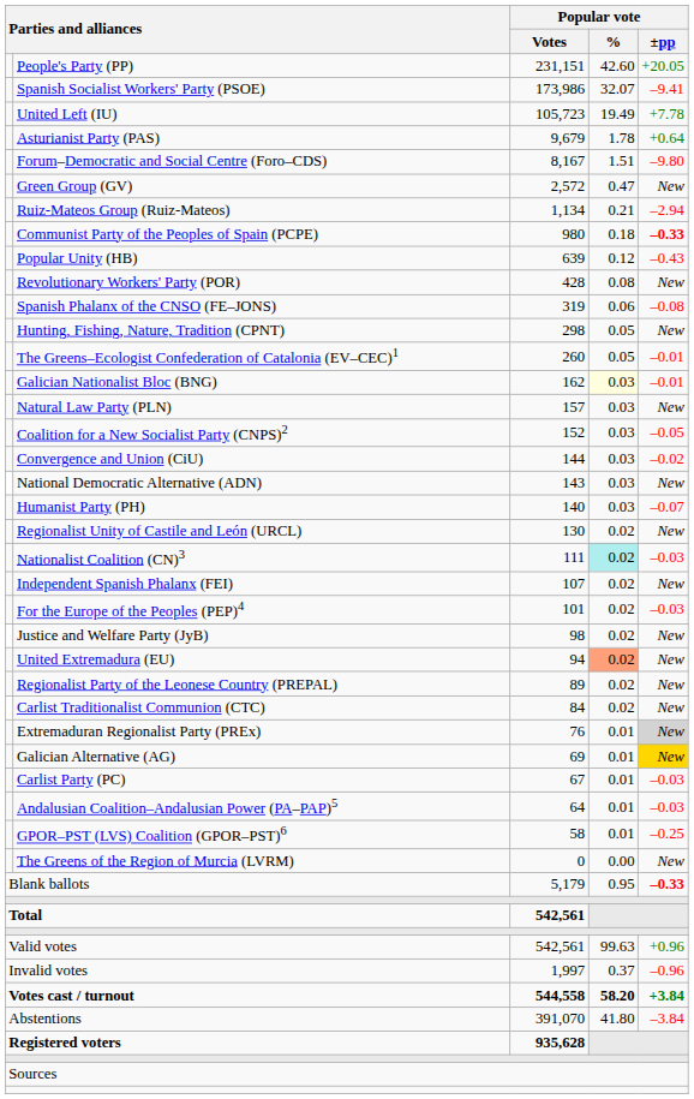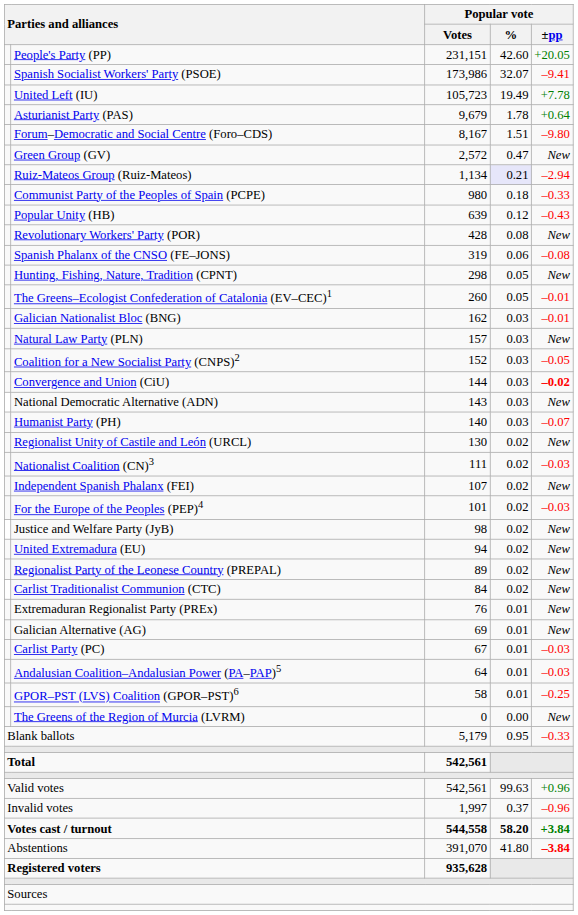 <table class="wikitable" style="text-align:right">
 <tr>
 <th style="text-align:left;" rowspan="2" colspan="2" width="525">Parties and alliances</th>
 <th colspan="3">Popular vote</th>
 </tr>
 <tr>
 <th width="75">Votes</th>
 <th width="45">%</th>
 <th width="45">±<a href='#'>pp</a></th>
 </tr>
 <tr>
 <td width="1" style="color:inherit;background:"></td>
 <td align="left"><a href='#'>People's Party</a> (PP)</td>
 <td>231,151</td>
 <td>42.60</td>
 <td style="color:green;">+20.05</td>
 </tr>
 <tr>
 <td style="color:inherit;background:"></td>
 <td align="left"><a href='#'>Spanish Socialist Workers' Party</a> (PSOE)</td>
 <td>173,986</td>
 <td>32.07</td>
 <td style="color:red;">–9.41</td>
 </tr>
 <tr>
 <td style="color:inherit;background:"></td>
 <td align="left"><a href='#'>United Left</a> (IU)</td>
 <td>105,723</td>
 <td>19.49</td>
 <td style="color:green;">+7.78</td>
 </tr>
 <tr>
 <td style="color:inherit;background:"></td>
 <td align="left"><a href='#'>Asturianist Party</a> (PAS)</td>
 <td>9,679</td>
 <td>1.78</td>
 <td style="color:green;">+0.64</td>
 </tr>
 <tr>
 <td style="color:inherit;background:"></td>
 <td align="left"><a href='#'>Forum</a>–<a href='#'>Democratic and Social Centre</a> (Foro–CDS)</td>
 <td>8,167</td>
 <td>1.51</td>
 <td style="color:red;">–9.80</td>
 </tr>
 <tr>
 <td style="color:inherit;background:"></td>
 <td align="left"><a href='#'>Green Group</a> (GV)</td>
 <td>2,572</td>
 <td>0.47</td>
 <td><em>New</em></td>
 </tr>
 <tr>
 <td style="color:inherit;background:"></td>
 <td align="left"><a href='#'>Ruiz-Mateos Group</a> (Ruiz-Mateos)</td>
 <td>1,134</td>
-<td>0.21</td>
+<td style="background: lavender;">0.21</td>
 <td style="color:red;">–2.94</td>
 </tr>
 <tr>
 <td style="color:inherit;background:"></td>
 <td align="left"><a href='#'>Communist Party of the Peoples of Spain</a> (PCPE)</td>
 <td>980</td>
 <td>0.18</td>
-<td style="color:red;"><strong>–0.33</strong></td>
+<td style="color:red;">–0.33</td>
 </tr>
 <tr>
 <td style="color:inherit;background:"></td>
 <td align="left"><a href='#'>Popular Unity</a> (HB)</td>
 <td>639</td>
 <td>0.12</td>
 <td style="color:red;">–0.43</td>
 </tr>
 <tr>
 <td style="color:inherit;background:"></td>
 <td align="left"><a href='#'>Revolutionary Workers' Party</a> (POR)</td>
 <td>428</td>
 <td>0.08</td>
 <td><em>New</em></td>
 </tr>
 <tr>
 <td style="color:inherit;background:"></td>
 <td align="left"><a href='#'>Spanish Phalanx of the CNSO</a> (FE–JONS)</td>
 <td>319</td>
 <td>0.06</td>
 <td style="color:red;">–0.08</td>
 </tr>
 <tr>
 <td style="color:inherit;background:"></td>
 <td align="left"><a href='#'>Hunting, Fishing, Nature, Tradition</a> (CPNT)</td>
 <td>298</td>
 <td>0.05</td>
 <td><em>New</em></td>
 </tr>
 <tr>
 <td style="color:inherit;background:"></td>
 <td align="left"><a href='#'>The Greens–Ecologist Confederation of Catalonia</a> (EV–CEC)<sup>1</sup></td>
 <td>260</td>
 <td>0.05</td>
 <td style="color:red;">–0.01</td>
 </tr>
 <tr>
 <td style="color:inherit;background:"></td>
 <td align="left"><a href='#'>Galician Nationalist Bloc</a> (BNG)</td>
 <td>162</td>
-<td style="background: lightyellow;">0.03</td>
+<td>0.03</td>
 <td style="color:red;">–0.01</td>
 </tr>
 <tr>
 <td style="color:inherit;background:"></td>
 <td align="left"><a href='#'>Natural Law Party</a> (PLN)</td>
 <td>157</td>
 <td>0.03</td>
 <td><em>New</em></td>
 </tr>
 <tr>
 <td style="color:inherit;background:"></td>
 <td align="left"><a href='#'>Coalition for a New Socialist Party</a> (CNPS)<sup>2</sup></td>
 <td>152</td>
 <td>0.03</td>
 <td style="color:red;">–0.05</td>
 </tr>
 <tr>
 <td style="color:inherit;background:"></td>
 <td align="left"><a href='#'>Convergence and Union</a> (CiU)</td>
 <td>144</td>
 <td>0.03</td>
-<td style="color:red;">–0.02</td>
+<td style="color:red;"><strong>–0.02</strong></td>
 </tr>
 <tr>
 <td bgcolor="white"></td>
 <td align="left">National Democratic Alternative (ADN)</td>
 <td>143</td>
 <td>0.03</td>
 <td><em>New</em></td>
 </tr>
 <tr>
 <td style="color:inherit;background:"></td>
 <td align="left"><a href='#'>Humanist Party</a> (PH)</td>
 <td>140</td>
 <td>0.03</td>
 <td style="color:red;">–0.07</td>
 </tr>
 <tr>
 <td style="color:inherit;background:"></td>
 <td align="left"><a href='#'>Regionalist Unity of Castile and León</a> (URCL)</td>
 <td>130</td>
 <td>0.02</td>
 <td><em>New</em></td>
 </tr>
 <tr>
 <td style="color:inherit;background:"></td>
 <td align="left"><a href='#'>Nationalist Coalition</a> (CN)<sup>3</sup></td>
 <td>111</td>
-<td style="background: paleturquoise;">0.02</td>
+<td>0.02</td>
 <td style="color:red;">–0.03</td>
 </tr>
 <tr>
 <td style="color:inherit;background:"></td>
 <td align="left"><a href='#'>Independent Spanish Phalanx</a> (FEI)</td>
 <td>107</td>
 <td>0.02</td>
 <td><em>New</em></td>
 </tr>
 <tr>
 <td style="color:inherit;background:"></td>
 <td align="left"><a href='#'>For the Europe of the Peoples</a> (PEP)<sup>4</sup></td>
 <td>101</td>
 <td>0.02</td>
 <td style="color:red;">–0.03</td>
 </tr>
 <tr>
 <td bgcolor="white"></td>
 <td align="left">Justice and Welfare Party (JyB)</td>
 <td>98</td>
 <td>0.02</td>
 <td><em>New</em></td>
 </tr>
 <tr>
 <td style="color:inherit;background:"></td>
 <td align="left"><a href='#'>United Extremadura</a> (EU)</td>
 <td>94</td>
-<td style="background: lightsalmon;">0.02</td>
+<td>0.02</td>
 <td><em>New</em></td>
 </tr>
 <tr>
 <td style="color:inherit;background:"></td>
 <td align="left"><a href='#'>Regionalist Party of the Leonese Country</a> (PREPAL)</td>
 <td>89</td>
 <td>0.02</td>
 <td><em>New</em></td>
 </tr>
 <tr>
 <td bgcolor="white"></td>
 <td align="left"><a href='#'>Carlist Traditionalist Communion</a> (CTC)</td>
 <td>84</td>
 <td>0.02</td>
 <td><em>New</em></td>
 </tr>
 <tr>
 <td style="color:inherit;background:"></td>
 <td align="left">Extremaduran Regionalist Party (PREx)</td>
 <td>76</td>
 <td>0.01</td>
-<td style="background: lightgrey;"><em>New</em></td>
+<td><em>New</em></td>
 </tr>
 <tr>
 <td style="color:inherit;background:"></td>
 <td align="left">Galician Alternative (AG)</td>
 <td>69</td>
 <td>0.01</td>
-<td style="background: gold;"><em>New</em></td>
+<td><em>New</em></td>
 </tr>
 <tr>
 <td style="color:inherit;background:"></td>
 <td align="left"><a href='#'>Carlist Party</a> (PC)</td>
 <td>67</td>
 <td>0.01</td>
 <td style="color:red;">–0.03</td>
 </tr>
 <tr>
 <td style="color:inherit;background:"></td>
 <td align="left"><a href='#'>Andalusian Coalition–Andalusian Power</a> (<a href='#'>PA</a>–<a href='#'>PAP</a>)<sup>5</sup></td>
 <td>64</td>
 <td>0.01</td>
 <td style="color:red;">–0.03</td>
 </tr>
 <tr>
 <td style="color:inherit;background:"></td>
 <td align="left"><a href='#'>GPOR–PST (LVS) Coalition</a> (GPOR–PST)<sup>6</sup></td>
 <td>58</td>
 <td>0.01</td>
 <td style="color:red;">–0.25</td>
 </tr>
 <tr>
 <td style="color:inherit;background:"></td>
 <td align="left"><a href='#'>The Greens of the Region of Murcia</a> (LVRM)</td>
 <td>0</td>
 <td>0.00</td>
 <td><em>New</em></td>
 </tr>
 <tr>
 <td align="left" colspan="2">Blank ballots</td>
 <td>5,179</td>
 <td>0.95</td>
-<td style="color:red;"><strong>–0.33</strong></td>
+<td style="color:red;">–0.33</td>
 </tr>
 <tr>
 <td colspan="5" bgcolor="#E9E9E9"></td>
 </tr>
 <tr style="font-weight:bold;">
 <td align="left" colspan="2">Total</td>
 <td>542,561</td>
 <td bgcolor="#E9E9E9" colspan="2"></td>
 </tr>
 <tr>
 <td colspan="5" bgcolor="#E9E9E9"></td>
 </tr>
 <tr>
 <td align="left" colspan="2">Valid votes</td>
 <td>542,561</td>
 <td>99.63</td>
 <td style="color:green;">+0.96</td>
 </tr>
 <tr>
 <td align="left" colspan="2">Invalid votes</td>
 <td>1,997</td>
 <td>0.37</td>
 <td style="color:red;">–0.96</td>
 </tr>
 <tr style="font-weight:bold;">
 <td align="left" colspan="2">Votes cast / turnout</td>
 <td>544,558</td>
 <td>58.20</td>
 <td style="color:green;">+3.84</td>
 </tr>
 <tr>
 <td align="left" colspan="2">Abstentions</td>
 <td>391,070</td>
 <td>41.80</td>
-<td style="color:red;">–3.84</td>
+<td style="color:red;"><strong>–3.84</strong></td>
 </tr>
 <tr style="font-weight:bold;">
 <td align="left" colspan="2">Registered voters</td>
 <td>935,628</td>
 <td bgcolor="#E9E9E9" colspan="2"></td>
 </tr>
 <tr>
 <td colspan="5" bgcolor="#E9E9E9"></td>
 </tr>
 <tr>
 <td align="left" colspan="5">Sources</td>
 </tr>
 <tr>
 <td colspan="5" style="text-align:left; max-width:680px;"></td>
 </tr>
 </table>
